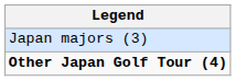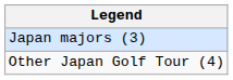 <table class="wikitable" style="font-size:95%;">
 <tr>
 <th>Legend</th>
 </tr>
 <tr style="background:#D6E8FF;">
 <td>Japan majors (3)</td>
 </tr>
 <tr>
-<td><strong>Other Japan Golf Tour (4)</strong></td>
+<td>Other Japan Golf Tour (4)</td>
 </tr>
 </table>
